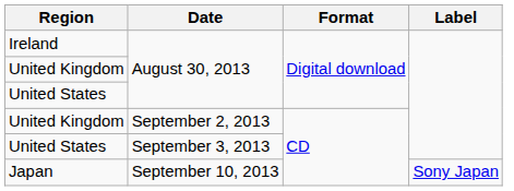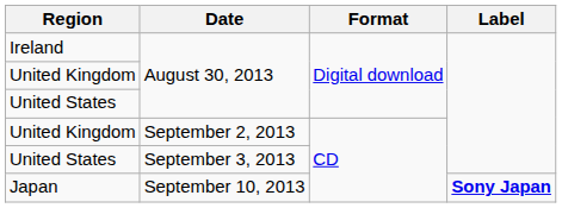 <table class="wikitable plainrowheaders sortable">
 <tr>
 <th scope="column">Region</th>
 <th>Date</th>
 <th>Format</th>
 <th>Label</th>
 </tr>
 <tr>
 <td>Ireland</td>
 <td rowspan="3">August 30, 2013</td>
 <td rowspan="3"><a href='#'>Digital download</a></td>
 <td rowspan="5"></td>
 </tr>
 <tr>
 <td>United Kingdom</td>
 </tr>
 <tr>
 <td>United States</td>
 </tr>
 <tr>
 <td>United Kingdom</td>
 <td>September 2, 2013</td>
 <td rowspan="3"><a href='#'>CD</a></td>
 </tr>
 <tr>
 <td>United States</td>
 <td>September 3, 2013</td>
 </tr>
 <tr>
 <td>Japan</td>
 <td>September 10, 2013</td>
-<td><a href='#'>Sony Japan</a></td>
+<td><strong><a href='#'>Sony Japan</a></strong></td>
 </tr>
 </table>
